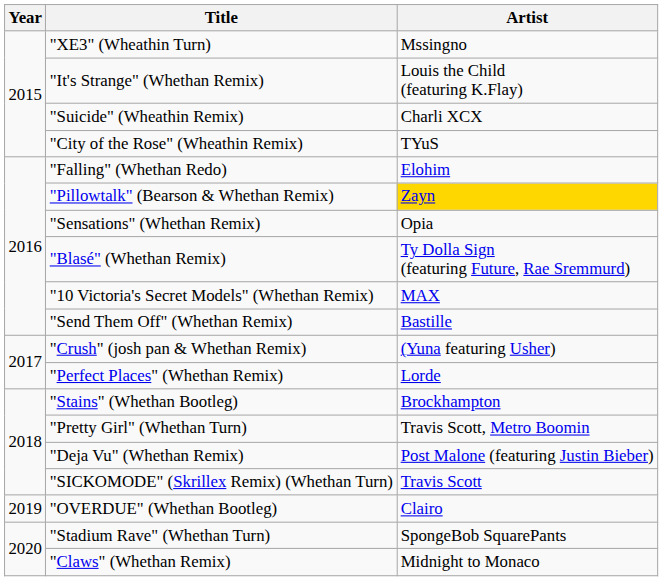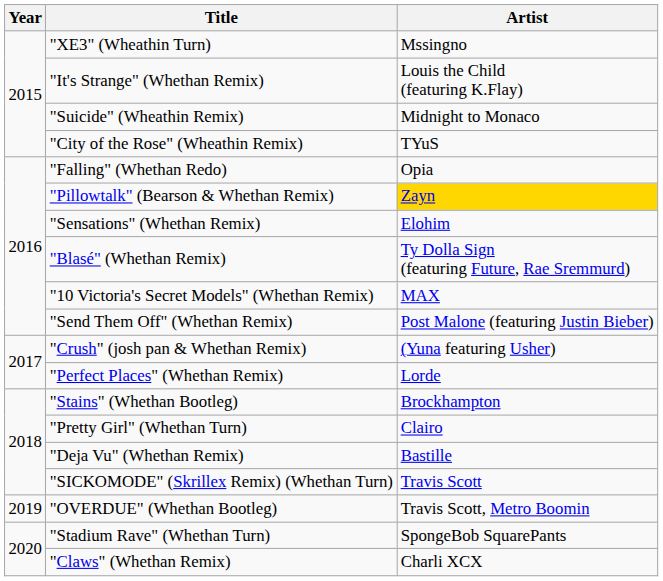 <table class="wikitable">
 <tr>
 <th>Year</th>
 <th>Title</th>
 <th>Artist</th>
 </tr>
 <tr>
 <td rowspan="4">2015</td>
 <td>"XE3" (Wheathin Turn)</td>
 <td>Mssingno</td>
 </tr>
 <tr>
 <td>"It's Strange" (Whethan Remix)</td>
 <td>Louis the Child<br>(featuring K.Flay)</td>
 </tr>
 <tr>
 <td>"Suicide" (Wheathin Remix)</td>
-<td>Charli XCX</td>
+<td>Midnight to Monaco</td>
 </tr>
 <tr>
 <td>"City of the Rose" (Wheathin Remix)</td>
 <td>TYuS</td>
 </tr>
 <tr>
 <td rowspan="6">2016</td>
 <td>"Falling" (Whethan Redo)</td>
-<td><a href='#'>Elohim</a></td>
+<td>Opia</td>
 </tr>
 <tr>
 <td><a href='#'>"Pillowtalk"</a> (Bearson & Whethan Remix)</td>
 <td style="background: gold;"><a href='#'>Zayn</a></td>
 </tr>
 <tr>
 <td>"Sensations" (Whethan Remix)</td>
-<td>Opia</td>
+<td><a href='#'>Elohim</a></td>
 </tr>
 <tr>
 <td><a href='#'>"Blasé"</a> (Whethan Remix)</td>
 <td><a href='#'>Ty Dolla Sign</a><br>(featuring <a href='#'>Future</a>, <a href='#'>Rae Sremmurd</a>)</td>
 </tr>
 <tr>
 <td>"10 Victoria's Secret Models" (Whethan Remix)</td>
 <td><a href='#'>MAX</a></td>
 </tr>
 <tr>
 <td>"Send Them Off" (Whethan Remix)</td>
-<td><a href='#'>Bastille</a></td>
+<td><a href='#'>Post Malone</a> (featuring <a href='#'>Justin Bieber</a>)</td>
 </tr>
 <tr>
 <td rowspan="2">2017</td>
 <td>"<a href='#'>Crush</a>" (josh pan & Whethan Remix)</td>
 <td><a href='#'>(Yuna</a> featuring <a href='#'>Usher</a>)</td>
 </tr>
 <tr>
 <td>"<a href='#'>Perfect Places</a>" (Whethan Remix)</td>
 <td><a href='#'>Lorde</a></td>
 </tr>
 <tr>
 <td rowspan="4">2018</td>
 <td>"<a href='#'>Stains</a>" (Whethan Bootleg)</td>
 <td><a href='#'>Brockhampton</a></td>
 </tr>
 <tr>
 <td>"Pretty Girl" (Whethan Turn)</td>
-<td>Travis Scott, <a href='#'>Metro Boomin</a></td>
+<td><a href='#'>Clairo</a></td>
 </tr>
 <tr>
 <td>"Deja Vu" (Whethan Remix)</td>
-<td><a href='#'>Post Malone</a> (featuring <a href='#'>Justin Bieber</a>)</td>
+<td><a href='#'>Bastille</a></td>
 </tr>
 <tr>
 <td>"SICKOMODE" (<a href='#'>Skrillex</a> Remix) (Whethan Turn)</td>
 <td><a href='#'>Travis Scott</a></td>
 </tr>
 <tr>
 <td>2019</td>
 <td>"OVERDUE" (Whethan Bootleg)</td>
-<td><a href='#'>Clairo</a></td>
+<td>Travis Scott, <a href='#'>Metro Boomin</a></td>
 </tr>
 <tr>
 <td rowspan="3">2020</td>
 <td>"Stadium Rave" (Whethan Turn)</td>
 <td>SpongeBob SquarePants</td>
 </tr>
 <tr>
 <td>"<a href='#'>Claws</a>" (Whethan Remix)</td>
-<td>Midnight to Monaco</td>
+<td>Charli XCX</td>
 </tr>
 </table>
